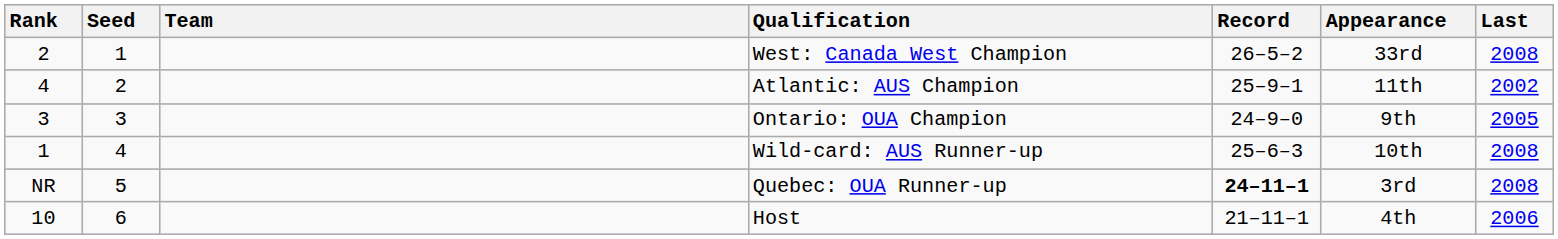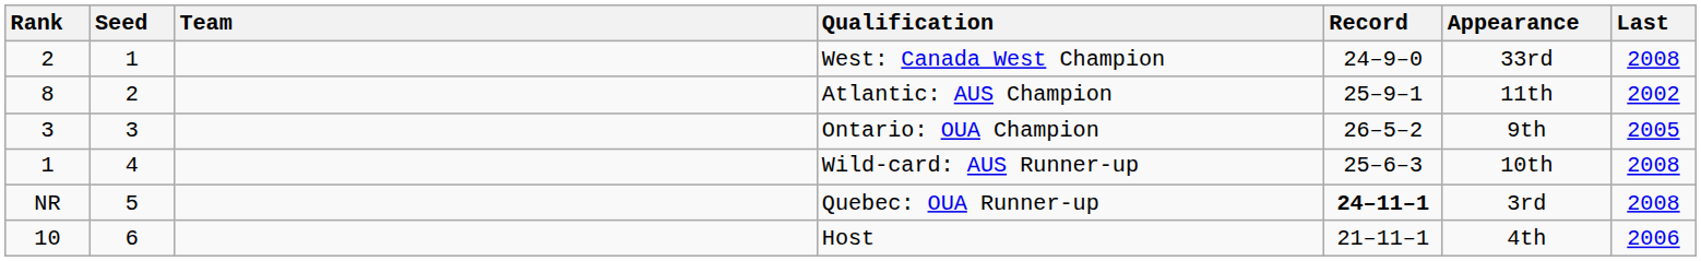 <table class="wikitable sortable" style="text-align: center;" width=1000>
 <tr style="background:#efefef; text-align:center">
 <th style="text-align:left" width=5%>Rank</th>
 <th style="text-align:left" width=5%>Seed</th>
 <th style="text-align:left" width=38%>Team</th>
 <th style="text-align:left" width=30%>Qualification</th>
 <th style="text-align:left" width=7%>Record</th>
 <th style="text-align:left" width=10%>Appearance</th>
 <th style="text-align:left" width=6%>Last</th>
 </tr>
 <tr style="text-align:center">
 <td style="text-align:center">2</td>
 <td style="text-align:center">1</td>
 <td style="text-align:left; "><a href='#'></a></td>
 <td style="text-align:left">West: <a href='#'>Canada West</a> Champion</td>
-<td style="text-align:center">26–5–2</td>
+<td style="text-align:center">24–9–0</td>
 <td style="text-align:center">33rd</td>
 <td style="text-align:center"><a href='#'>2008</a></td>
 </tr>
 <tr style="text-align:center">
-<td style="text-align:center">4</td>
+<td style="text-align:center">8</td>
 <td style="text-align:center">2</td>
 <td style="text-align:left; "><a href='#'></a></td>
 <td style="text-align:left">Atlantic: <a href='#'>AUS</a> Champion</td>
 <td style="text-align:center">25–9–1</td>
 <td style="text-align:center">11th</td>
 <td style="text-align:center"><a href='#'>2002</a></td>
 </tr>
 <tr style="text-align:center">
 <td style="text-align:center">3</td>
 <td style="text-align:center">3</td>
 <td style="text-align:left; "><a href='#'></a></td>
 <td style="text-align:left">Ontario: <a href='#'>OUA</a> Champion</td>
-<td style="text-align:center">24–9–0</td>
+<td style="text-align:center">26–5–2</td>
 <td style="text-align:center">9th</td>
 <td style="text-align:center"><a href='#'>2005</a></td>
 </tr>
 <tr style="text-align:center">
 <td style="text-align:center">1</td>
 <td style="text-align:center">4</td>
 <td style="text-align:left; "><a href='#'></a></td>
 <td style="text-align:left">Wild-card: <a href='#'>AUS</a> Runner-up</td>
 <td style="text-align:center">25–6–3</td>
 <td style="text-align:center">10th</td>
 <td style="text-align:center"><a href='#'>2008</a></td>
 </tr>
 <tr style="text-align:center">
 <td style="text-align:center">NR</td>
 <td style="text-align:center">5</td>
 <td style="text-align:left; "><a href='#'></a></td>
 <td style="text-align:left">Quebec: <a href='#'>OUA</a> Runner-up</td>
 <td style="text-align:center"><strong>24–11–1</strong></td>
 <td style="text-align:center">3rd</td>
 <td style="text-align:center"><a href='#'>2008</a></td>
 </tr>
 <tr style="text-align:center">
 <td style="text-align:center">10</td>
 <td style="text-align:center">6</td>
 <td style="text-align:left; "><a href='#'></a></td>
 <td style="text-align:left">Host</td>
 <td style="text-align:center">21–11–1</td>
 <td style="text-align:center">4th</td>
 <td style="text-align:center"><a href='#'>2006</a></td>
 </tr>
 </table>
